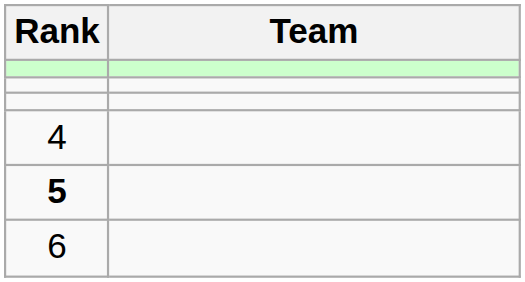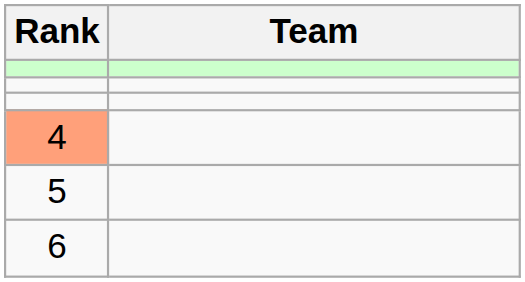 <table class="wikitable" style="text-align:center">
 <tr>
 <th width=40>Rank</th>
 <th width=180>Team</th>
 </tr>
 <tr bgcolor=#ccffcc>
 <td></td>
 <td align=left></td>
 </tr>
 <tr>
 <td></td>
 <td align=left></td>
 </tr>
 <tr>
 <td></td>
 <td align=left></td>
 </tr>
 <tr>
-<td>4</td>
+<td style="background: lightsalmon;">4</td>
 <td align=left></td>
 </tr>
 <tr>
-<td><strong>5</strong></td>
+<td>5</td>
 <td align=left></td>
 </tr>
 <tr>
 <td>6</td>
 <td align=left></td>
 </tr>
 </table>
